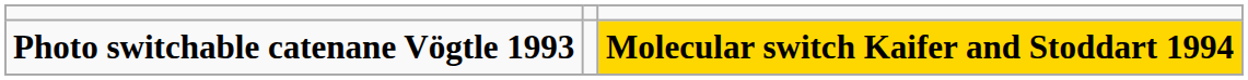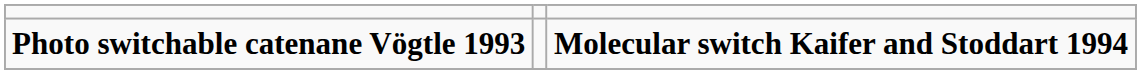 <table class="wikitable" align="center">
 <tr>
 <td></td>
 <td></td>
 <td valign="top"></td>
 </tr>
 <tr>
 <td><strong>Photo switchable catenane Vögtle 1993</strong></td>
 <td></td>
-<td style="background: gold;"><strong>Molecular switch Kaifer and Stoddart 1994</strong></td>
+<td><strong>Molecular switch Kaifer and Stoddart 1994</strong></td>
 </tr>
 <tr>
 </tr>
 </table>
